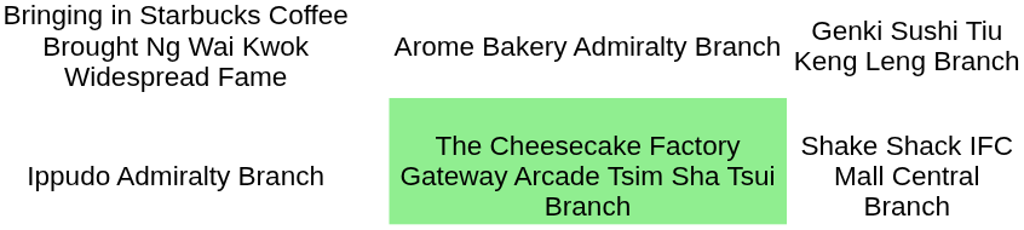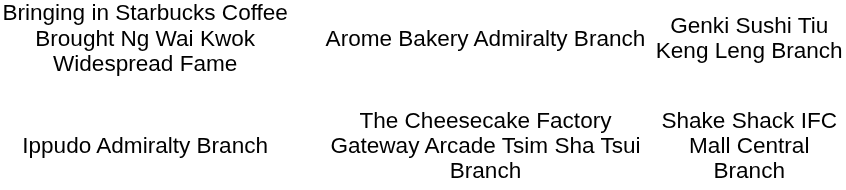 <table style="text-align:center; border: none;">
 <tr>
 <td><br><span>Bringing in Starbucks Coffee Brought Ng Wai Kwok Widespread Fame</span></td>
 <td><br><span>Arome Bakery Admiralty Branch</span></td>
 <td><br><span>Genki Sushi Tiu Keng Leng Branch</span></td>
 </tr>
 <tr>
 <td><br><span>Ippudo Admiralty Branch</span></td>
-<td style="background: lightgreen;"><br><span>The Cheesecake Factory Gateway Arcade Tsim Sha Tsui Branch</span></td>
+<td><br><span>The Cheesecake Factory Gateway Arcade Tsim Sha Tsui Branch</span></td>
 <td><br><span>Shake Shack IFC Mall Central Branch</span></td>
 </tr>
 </table>
